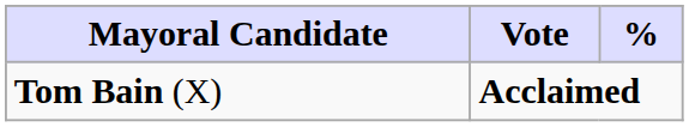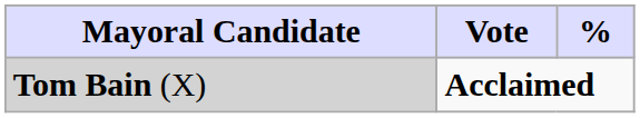 <table class="wikitable">
 <tr>
 <th style="background:#ddf; width:200px;">Mayoral Candidate</th>
 <th style="background:#ddf; width:50px;">Vote</th>
 <th style="background:#ddf; width:30px;">%</th>
 </tr>
 <tr>
-<td><strong>Tom Bain</strong> (X)</td>
+<td style="background: lightgrey;"><strong>Tom Bain</strong> (X)</td>
 <td colspan="2"><strong>Acclaimed</strong></td>
 </tr>
 </table>
